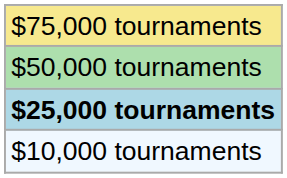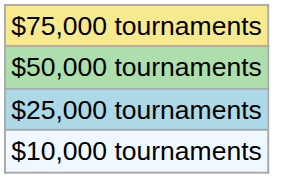 <table class=wikitable style=font-size:85%>
 <tr style="background:#f7e98e;">
 <td>$75,000 tournaments</td>
 </tr>
 <tr style="background:#addfad;">
 <td>$50,000 tournaments</td>
 </tr>
 <tr style="background:lightblue;">
-<td><strong>$25,000 tournaments</strong></td>
+<td>$25,000 tournaments</td>
 </tr>
 <tr style="background:#f0f8ff;">
 <td>$10,000 tournaments</td>
 </tr>
 </table>
